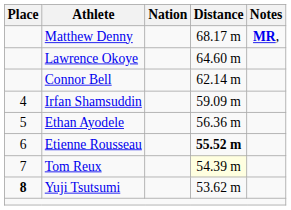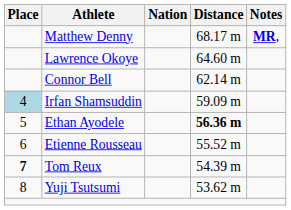 <table class="wikitable mw-datatable sortable" style="text-align:center;">
 <tr>
 <th scope="col">Place</th>
 <th scope="col">Athlete</th>
 <th scope="col">Nation</th>
 <th scope="col">Distance</th>
 <th scope="col">Notes</th>
 </tr>
 <tr>
 <td></td>
 <td align="left"><a href='#'>Matthew Denny</a></td>
 <td align="left"></td>
 <td>68.17 m</td>
 <td><strong><a href='#'>MR</a></strong>, </td>
 </tr>
 <tr>
 <td></td>
 <td align="left"><a href='#'>Lawrence Okoye</a></td>
 <td align="left"></td>
 <td>64.60 m</td>
 <td></td>
 </tr>
 <tr>
 <td></td>
 <td align="left"><a href='#'>Connor Bell</a></td>
 <td align="left"></td>
 <td>62.14 m</td>
 <td></td>
 </tr>
 <tr>
-<td>4</td>
+<td style="background: lightblue;">4</td>
 <td align="left"><a href='#'>Irfan Shamsuddin</a></td>
 <td align="left"></td>
 <td>59.09 m</td>
 <td></td>
 </tr>
 <tr>
 <td>5</td>
 <td align="left"><a href='#'>Ethan Ayodele</a></td>
 <td align="left"></td>
-<td>56.36 m</td>
+<td><strong>56.36 m</strong></td>
 <td></td>
 </tr>
 <tr>
 <td>6</td>
 <td align="left"><a href='#'>Etienne Rousseau</a></td>
 <td align="left"></td>
-<td><strong>55.52 m</strong></td>
+<td>55.52 m</td>
 <td></td>
 </tr>
 <tr>
-<td>7</td>
+<td><strong>7</strong></td>
 <td align="left"><a href='#'>Tom Reux</a></td>
 <td align="left"></td>
-<td style="background: lightyellow;">54.39 m</td>
+<td>54.39 m</td>
 <td></td>
 </tr>
 <tr>
-<td><strong>8</strong></td>
+<td>8</td>
 <td align="left"><a href='#'>Yuji Tsutsumi</a></td>
 <td align="left"></td>
 <td>53.62 m</td>
 <td></td>
 </tr>
 <tr class="sortbottom">
 <td colspan="5"></td>
 </tr>
 </table>
